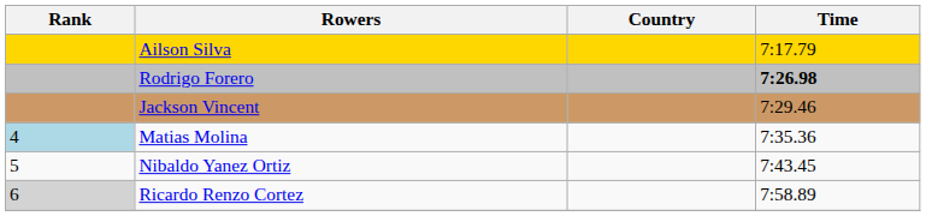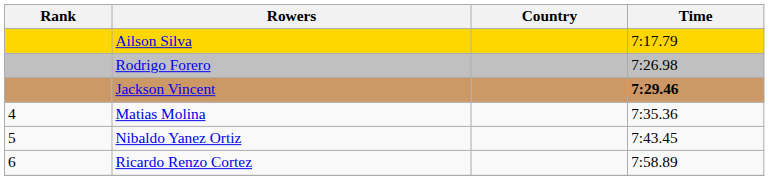 <table class="wikitable" width=50%>
 <tr>
 <th>Rank</th>
 <th>Rowers</th>
 <th>Country</th>
 <th>Time</th>
 </tr>
 <tr bgcolor=gold>
 <td></td>
 <td><a href='#'>Ailson Silva</a></td>
 <td></td>
 <td>7:17.79</td>
 </tr>
 <tr bgcolor=silver>
 <td></td>
 <td><a href='#'>Rodrigo Forero</a></td>
 <td></td>
-<td><strong>7:26.98</strong></td>
+<td>7:26.98</td>
 </tr>
 <tr bgcolor=cc9966>
 <td></td>
 <td><a href='#'>Jackson Vincent</a></td>
 <td></td>
-<td>7:29.46</td>
+<td><strong>7:29.46</strong></td>
 </tr>
 <tr>
-<td style="background: lightblue;">4</td>
+<td>4</td>
 <td><a href='#'>Matias Molina</a></td>
 <td></td>
 <td>7:35.36</td>
 </tr>
 <tr>
 <td>5</td>
 <td><a href='#'>Nibaldo Yanez Ortiz</a></td>
 <td></td>
 <td>7:43.45</td>
 </tr>
 <tr>
-<td style="background: lightgrey;">6</td>
+<td>6</td>
 <td><a href='#'>Ricardo Renzo Cortez</a></td>
 <td></td>
 <td>7:58.89</td>
 </tr>
 <tr>
 </tr>
 </table>
